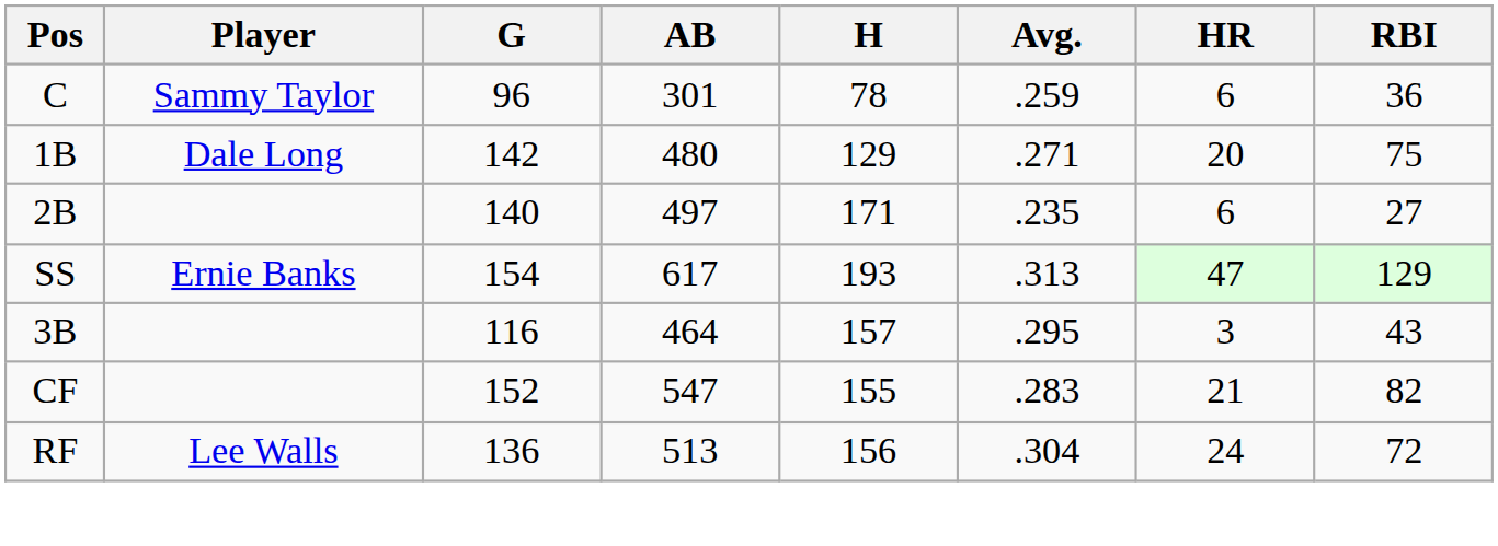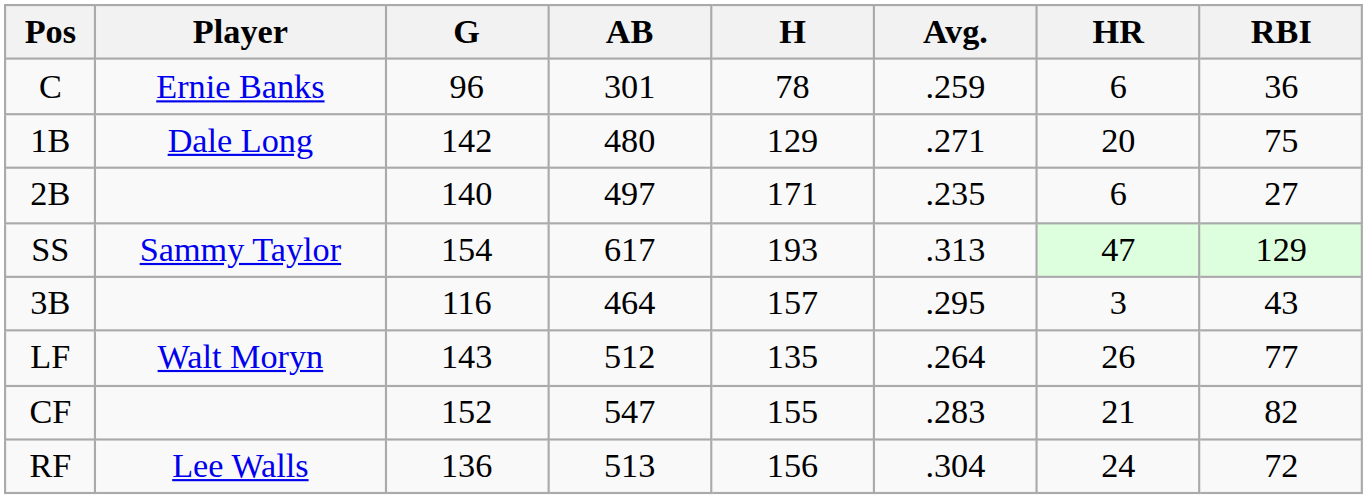 <table class="wikitable sortable">
 <tr>
 <th bgcolor="#DDDDFF" width="5%">Pos</th>
 <th bgcolor="#DDDDFF" width="16%">Player</th>
 <th bgcolor="#DDDDFF" width="9%">G</th>
 <th bgcolor="#DDDDFF" width="9%">AB</th>
 <th bgcolor="#DDDDFF" width="9%">H</th>
 <th bgcolor="#DDDDFF" width="9%">Avg.</th>
 <th bgcolor="#DDDDFF" width="9%">HR</th>
 <th bgcolor="#DDDDFF" width="9%">RBI</th>
 </tr>
 <tr align="center">
 <td>C</td>
-<td><a href='#'>Sammy Taylor</a></td>
+<td><a href='#'>Ernie Banks</a></td>
 <td>96</td>
 <td>301</td>
 <td>78</td>
 <td>.259</td>
 <td>6</td>
 <td>36</td>
 </tr>
 <tr align=center>
 <td>1B</td>
 <td><a href='#'>Dale Long</a></td>
 <td>142</td>
 <td>480</td>
 <td>129</td>
 <td>.271</td>
 <td>20</td>
 <td>75</td>
 </tr>
 <tr align=center>
 <td>2B</td>
 <td></td>
 <td>140</td>
 <td>497</td>
 <td>171</td>
 <td>.235</td>
 <td>6</td>
 <td>27</td>
 </tr>
 <tr align="center">
 <td>SS</td>
-<td><a href='#'>Ernie Banks</a></td>
+<td><a href='#'>Sammy Taylor</a></td>
 <td>154</td>
 <td>617</td>
 <td>193</td>
 <td>.313</td>
 <td style="background:#DDFFDD;">47</td>
 <td style="background:#DDFFDD;">129</td>
 </tr>
 <tr align=center>
 <td>3B</td>
 <td></td>
 <td>116</td>
 <td>464</td>
 <td>157</td>
 <td>.295</td>
 <td>3</td>
 <td>43</td>
+</tr>
+<tr align="center">
+<td>LF</td>
+<td><a href='#'>Walt Moryn</a></td>
+<td>143</td>
+<td>512</td>
+<td>135</td>
+<td>.264</td>
+<td>26</td>
+<td>77</td>
 </tr>
 <tr align=center>
 <td>CF</td>
 <td></td>
 <td>152</td>
 <td>547</td>
 <td>155</td>
 <td>.283</td>
 <td>21</td>
 <td>82</td>
 </tr>
 <tr align="center">
 <td>RF</td>
 <td><a href='#'>Lee Walls</a></td>
 <td>136</td>
 <td>513</td>
 <td>156</td>
 <td>.304</td>
 <td>24</td>
 <td>72</td>
 </tr>
 </table>
